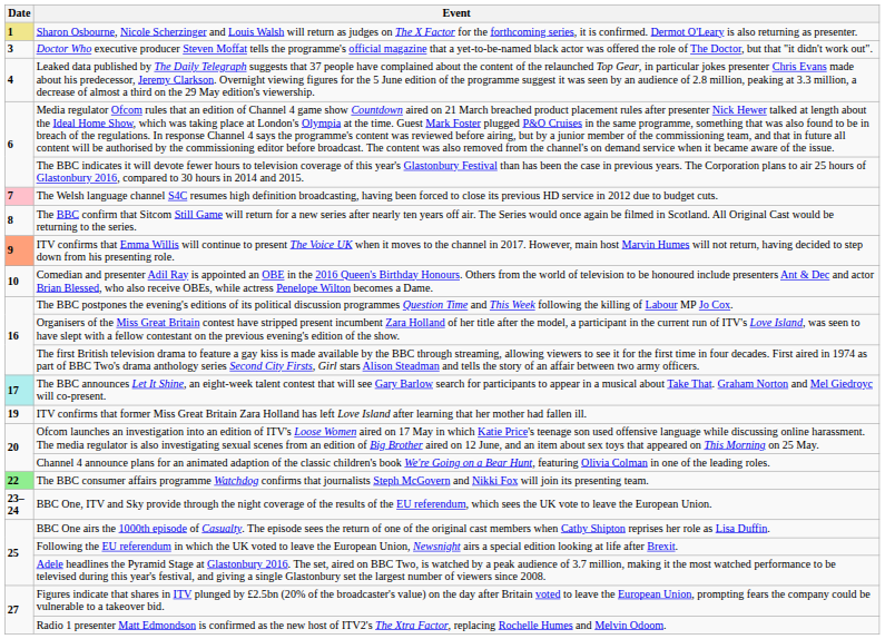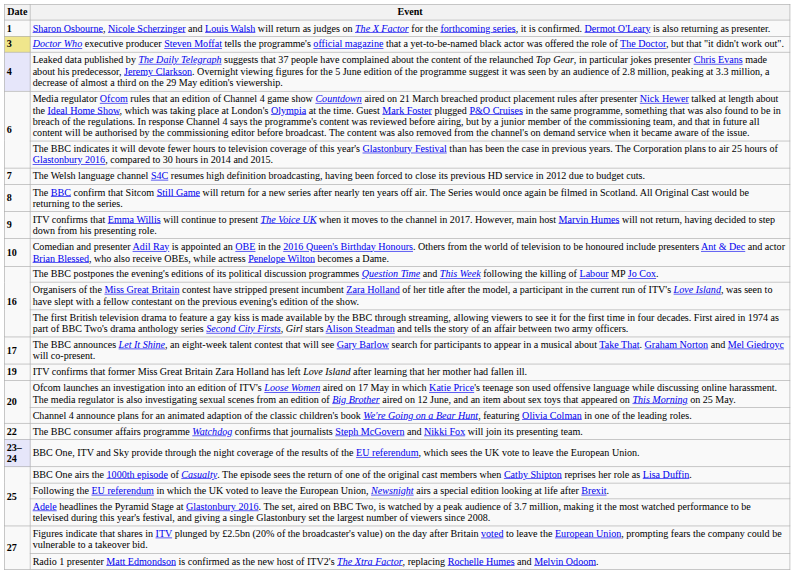 <table class="wikitable">
 <tr>
 <th>Date</th>
 <th>Event</th>
 </tr>
 <tr>
-<td style="background: khaki;"><strong>1</strong></td>
+<td><strong>1</strong></td>
 <td><a href='#'>Sharon Osbourne</a>, <a href='#'>Nicole Scherzinger</a> and <a href='#'>Louis Walsh</a> will return as judges on <em><a href='#'>The X Factor</a></em> for the <a href='#'>forthcoming series</a>, it is confirmed. <a href='#'>Dermot O'Leary</a> is also returning as presenter.</td>
 </tr>
 <tr>
-<td><strong>3</strong></td>
+<td style="background: khaki;"><strong>3</strong></td>
 <td><em><a href='#'>Doctor Who</a></em> executive producer <a href='#'>Steven Moffat</a> tells the programme's <a href='#'>official magazine</a> that a yet-to-be-named black actor was offered the role of <a href='#'>The Doctor</a>, but that "it didn't work out".</td>
 </tr>
 <tr>
-<td><strong>4</strong></td>
+<td style="background: lavender;"><strong>4</strong></td>
 <td>Leaked data published by <em><a href='#'>The Daily Telegraph</a></em> suggests that 37 people have complained about the content of the relaunched <em>Top Gear</em>, in particular jokes presenter <a href='#'>Chris Evans</a> made about his predecessor, <a href='#'>Jeremy Clarkson</a>. Overnight viewing figures for the 5 June edition of the programme suggest it was seen by an audience of 2.8 million, peaking at 3.3 million, a decrease of almost a third on the 29 May edition's viewership.</td>
 </tr>
 <tr>
 <td rowspan=2><strong>6</strong></td>
 <td>Media regulator <a href='#'>Ofcom</a> rules that an edition of Channel 4 game show <em><a href='#'>Countdown</a></em> aired on 21 March breached product placement rules after presenter <a href='#'>Nick Hewer</a> talked at length about the <a href='#'>Ideal Home Show</a>, which was taking place at London's <a href='#'>Olympia</a> at the time. Guest <a href='#'>Mark Foster</a> plugged <a href='#'>P&O Cruises</a> in the same programme, something that was also found to be in breach of the regulations. In response Channel 4 says the programme's content was reviewed before airing, but by a junior member of the commissioning team, and that in future all content will be authorised by the commissioning editor before broadcast. The content was also removed from the channel's on demand service when it became aware of the issue.</td>
 </tr>
 <tr>
 <td>The BBC indicates it will devote fewer hours to television coverage of this year's <a href='#'>Glastonbury Festival</a> than has been the case in previous years. The Corporation plans to air 25 hours of <a href='#'>Glastonbury 2016</a>, compared to 30 hours in 2014 and 2015.</td>
 </tr>
 <tr>
-<td style="background: pink;"><strong>7</strong></td>
+<td><strong>7</strong></td>
 <td>The Welsh language channel <a href='#'>S4C</a> resumes high definition broadcasting, having been forced to close its previous HD service in 2012 due to budget cuts.</td>
 </tr>
 <tr>
 <td><strong>8</strong></td>
 <td>The <a href='#'>BBC</a> confirm that Sitcom <a href='#'>Still Game</a> will return for a new series after nearly ten years off air. The Series would once again be filmed in Scotland. All Original Cast would be returning to the series.</td>
 </tr>
 <tr>
-<td style="background: lightsalmon;"><strong>9</strong></td>
+<td><strong>9</strong></td>
 <td>ITV confirms that <a href='#'>Emma Willis</a> will continue to present <em><a href='#'>The Voice UK</a></em> when it moves to the channel in 2017. However, main host <a href='#'>Marvin Humes</a> will not return, having decided to step down from his presenting role.</td>
 </tr>
 <tr>
 <td><strong>10</strong></td>
 <td>Comedian and presenter <a href='#'>Adil Ray</a> is appointed an <a href='#'>OBE</a> in the <a href='#'>2016 Queen's Birthday Honours</a>. Others from the world of television to be honoured include presenters <a href='#'>Ant & Dec</a> and actor <a href='#'>Brian Blessed</a>, who also receive OBEs, while actress <a href='#'>Penelope Wilton</a> becomes a Dame.</td>
 </tr>
 <tr>
 <td rowspan=3><strong>16</strong></td>
 <td>The BBC postpones the evening's editions of its political discussion programmes <em><a href='#'>Question Time</a></em> and <em><a href='#'>This Week</a></em> following the killing of <a href='#'>Labour</a> MP <a href='#'>Jo Cox</a>.</td>
 </tr>
 <tr>
 <td>Organisers of the <a href='#'>Miss Great Britain</a> contest have stripped present incumbent <a href='#'>Zara Holland</a> of her title after the model, a participant in the current run of ITV's <em><a href='#'>Love Island</a></em>, was seen to have slept with a fellow contestant on the previous evening's edition of the show.</td>
 </tr>
 <tr>
 <td>The first British television drama to feature a gay kiss is made available by the BBC through streaming, allowing viewers to see it for the first time in four decades. First aired in 1974 as part of BBC Two's drama anthology series <em><a href='#'>Second City Firsts</a></em>, <em>Girl</em> stars <a href='#'>Alison Steadman</a> and tells the story of an affair between two army officers.</td>
 </tr>
 <tr>
-<td style="background: paleturquoise;"><strong>17</strong></td>
+<td><strong>17</strong></td>
 <td>The BBC announces <em><a href='#'>Let It Shine</a></em>, an eight-week talent contest that will see <a href='#'>Gary Barlow</a> search for participants to appear in a musical about <a href='#'>Take That</a>. <a href='#'>Graham Norton</a> and <a href='#'>Mel Giedroyc</a> will co-present.</td>
 </tr>
 <tr>
 <td><strong>19</strong></td>
 <td>ITV confirms that former Miss Great Britain Zara Holland has left <em>Love Island</em> after learning that her mother had fallen ill.</td>
 </tr>
 <tr>
 <td rowspan=2><strong>20</strong></td>
 <td>Ofcom launches an investigation into an edition of ITV's <em><a href='#'>Loose Women</a></em> aired on 17 May in which <a href='#'>Katie Price</a>'s teenage son used offensive language while discussing online harassment. The media regulator is also investigating sexual scenes from an edition of <em><a href='#'>Big Brother</a></em> aired on 12 June, and an item about sex toys that appeared on <em><a href='#'>This Morning</a></em> on 25 May.</td>
 </tr>
 <tr>
 <td>Channel 4 announce plans for an animated adaption of the classic children's book <em><a href='#'>We're Going on a Bear Hunt</a></em>, featuring <a href='#'>Olivia Colman</a> in one of the leading roles.</td>
 </tr>
 <tr>
-<td style="background: lightgreen;"><strong>22</strong></td>
+<td><strong>22</strong></td>
 <td>The BBC consumer affairs programme <em><a href='#'>Watchdog</a></em> confirms that journalists <a href='#'>Steph McGovern</a> and <a href='#'>Nikki Fox</a> will join its presenting team.</td>
 </tr>
 <tr>
-<td><strong>23–24</strong></td>
+<td style="background: lavender;"><strong>23–24</strong></td>
 <td>BBC One, ITV and Sky provide through the night coverage of the results of the <a href='#'>EU referendum</a>, which sees the UK vote to leave the European Union.</td>
 </tr>
 <tr>
 <td rowspan=3><strong>25</strong></td>
 <td>BBC One airs the <a href='#'>1000th episode</a> of <em><a href='#'>Casualty</a></em>. The episode sees the return of one of the original cast members when <a href='#'>Cathy Shipton</a> reprises her role as <a href='#'>Lisa Duffin</a>.</td>
 </tr>
 <tr>
 <td>Following the <a href='#'>EU referendum</a> in which the UK voted to leave the European Union, <em><a href='#'>Newsnight</a></em> airs a special edition looking at life after <a href='#'>Brexit</a>.</td>
 </tr>
 <tr>
 <td><a href='#'>Adele</a> headlines the Pyramid Stage at <a href='#'>Glastonbury 2016</a>. The set, aired on BBC Two, is watched by a peak audience of 3.7 million, making it the most watched performance to be televised during this year's festival, and giving a single Glastonbury set the largest number of viewers since 2008.</td>
 </tr>
 <tr>
 <td rowspan=2><strong>27</strong></td>
 <td>Figures indicate that shares in <a href='#'>ITV</a> plunged by £2.5bn (20% of the broadcaster's value) on the day after Britain <a href='#'>voted</a> to leave the <a href='#'>European Union</a>, prompting fears the company could be vulnerable to a takeover bid.</td>
 </tr>
 <tr>
 <td>Radio 1 presenter <a href='#'>Matt Edmondson</a> is confirmed as the new host of ITV2's <em><a href='#'>The Xtra Factor</a></em>, replacing <a href='#'>Rochelle Humes</a> and <a href='#'>Melvin Odoom</a>.</td>
 </tr>
 </table>
